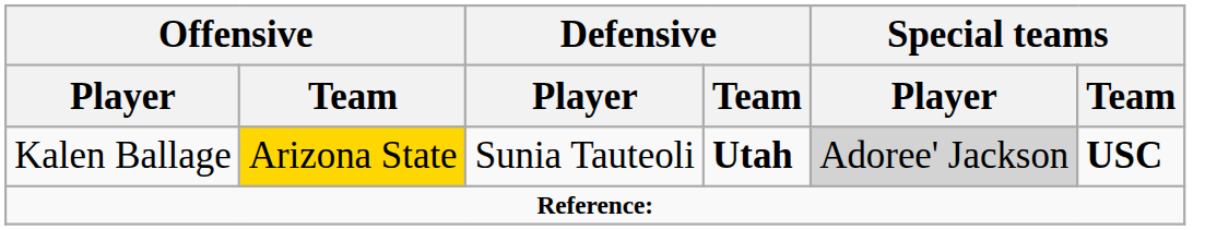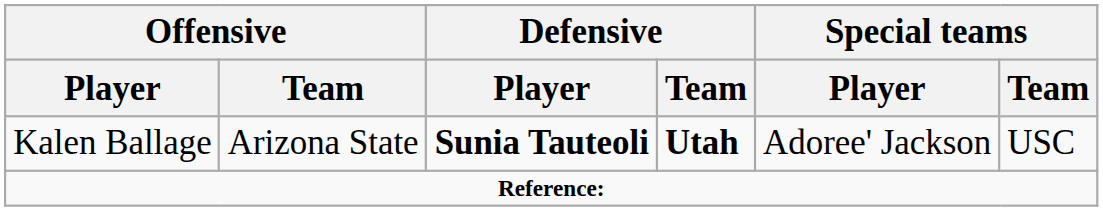 <table class="wikitable">
 <tr>
 <th colspan="2">Offensive</th>
 <th colspan="2">Defensive</th>
 <th colspan="2">Special teams</th>
 </tr>
 <tr>
 <th>Player</th>
 <th>Team</th>
 <th>Player</th>
 <th>Team</th>
 <th>Player</th>
 <th>Team</th>
 </tr>
 <tr>
 <td>Kalen Ballage</td>
-<td style="background: gold;">Arizona State</td>
-<td>Sunia Tauteoli</td>
+<td>Arizona State</td>
+<td><strong>Sunia Tauteoli</strong></td>
 <td><strong>Utah</strong></td>
-<td style="background: lightgrey;">Adoree' Jackson</td>
-<td><strong>USC</strong></td>
+<td>Adoree' Jackson</td>
+<td>USC</td>
 </tr>
 <tr>
 <td colspan="12"  style="font-size:8pt; text-align:center;"><strong>Reference:</strong></td>
 </tr>
 </table>
